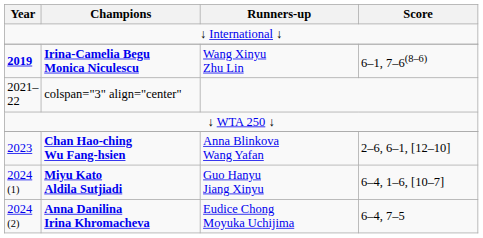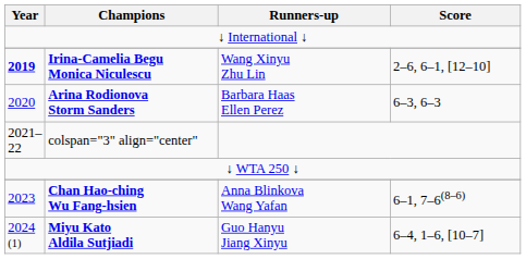 <table class="wikitable">
 <tr>
 <th>Year</th>
 <th width="200">Champions</th>
 <th width="200">Runners-up</th>
 <th width="150">Score</th>
 </tr>
 <tr>
 <td align=center colspan="4">↓ <a href='#'>International</a> ↓</td>
 </tr>
 <tr>
 </tr>
 <tr>
 <td><strong><a href='#'>2019</a></strong></td>
 <td> <strong><a href='#'>Irina-Camelia Begu</a></strong> <br>  <strong><a href='#'>Monica Niculescu</a></strong></td>
 <td> <a href='#'>Wang Xinyu</a> <br>  <a href='#'>Zhu Lin</a></td>
-<td>6–1, 7–6<sup>(8–6)</sup></td>
+<td>2–6, 6–1, [12–10]</td>
+</tr>
+<tr>
+<td><a href='#'>2020</a></td>
+<td> <strong><a href='#'>Arina Rodionova</a></strong> <br>  <strong><a href='#'>Storm Sanders</a></strong></td>
+<td> <a href='#'>Barbara Haas</a> <br>  <a href='#'>Ellen Perez</a></td>
+<td>6–3, 6–3</td>
 </tr>
 <tr>
 <td>2021–22</td>
 <td>colspan="3" align="center" </td>
 </tr>
 <tr>
 <td align=center colspan="4">↓ <a href='#'>WTA 250</a> ↓</td>
 </tr>
 <tr>
 </tr>
 <tr>
 <td><a href='#'>2023</a></td>
 <td> <strong><a href='#'>Chan Hao-ching</a></strong> <br>  <strong><a href='#'>Wu Fang-hsien</a></strong></td>
 <td> <a href='#'>Anna Blinkova</a> <br>  <a href='#'>Wang Yafan</a></td>
-<td>2–6, 6–1, [12–10]</td>
+<td>6–1, 7–6<sup>(8–6)</sup></td>
 </tr>
 <tr>
 <td><a href='#'>2024</a> <small>(1)</small></td>
 <td> <strong><a href='#'>Miyu Kato</a></strong> <br>  <strong><a href='#'>Aldila Sutjiadi</a></strong></td>
 <td> <a href='#'>Guo Hanyu</a> <br>  <a href='#'>Jiang Xinyu</a></td>
 <td>6–4, 1–6, [10–7]</td>
 </tr>
-<tr>
-<td><a href='#'>2024</a> <small>(2)</small></td>
-<td> <strong><a href='#'>Anna Danilina</a></strong> <br>  <strong><a href='#'>Irina Khromacheva</a></strong></td>
-<td> <a href='#'>Eudice Chong</a> <br>  <a href='#'>Moyuka Uchijima</a></td>
-<td>6–4, 7–5</td>
-</tr>
 </table>
